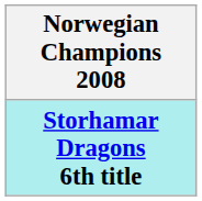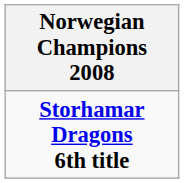 <table class="wikitable" style="text-align: center; margin: 0 auto; width: 20%">
 <tr>
 <th>Norwegian Champions<br>2008</th>
 </tr>
 <tr>
-<td style="background: paleturquoise;"><strong><a href='#'>Storhamar Dragons</a></strong><br><strong>6th title</strong></td>
+<td><strong><a href='#'>Storhamar Dragons</a></strong><br><strong>6th title</strong></td>
 </tr>
 </table>
